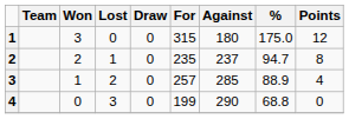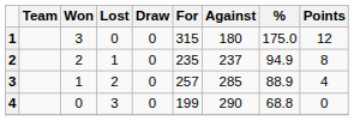 <table class="wikitable">
 <tr>
 <td></td>
 <th>Team</th>
 <th>Won</th>
 <th>Lost</th>
 <th>Draw</th>
 <th>For</th>
 <th>Against</th>
 <th>%</th>
 <th>Points</th>
 </tr>
 <tr>
 <th>1</th>
 <td></td>
 <td align=center>3</td>
 <td align=center>0</td>
 <td align=center>0</td>
 <td align=center>315</td>
 <td align=center>180</td>
 <td align=center>175.0</td>
 <td align=center>12</td>
 </tr>
 <tr>
 <th>2</th>
 <td></td>
 <td align=center>2</td>
 <td align=center>1</td>
 <td align=center>0</td>
 <td align=center>235</td>
 <td align=center>237</td>
-<td align=center>94.7</td>
+<td align=center>94.9</td>
 <td align=center>8</td>
 </tr>
 <tr>
 <th>3</th>
 <td></td>
 <td align=center>1</td>
 <td align=center>2</td>
 <td align=center>0</td>
 <td align=center>257</td>
 <td align=center>285</td>
 <td align=center>88.9</td>
 <td align=center>4</td>
 </tr>
 <tr>
 <th>4</th>
 <td></td>
 <td align=center>0</td>
 <td align=center>3</td>
 <td align=center>0</td>
 <td align=center>199</td>
 <td align=center>290</td>
 <td align=center>68.8</td>
 <td align=center>0</td>
 </tr>
 <tr>
 </tr>
 </table>
